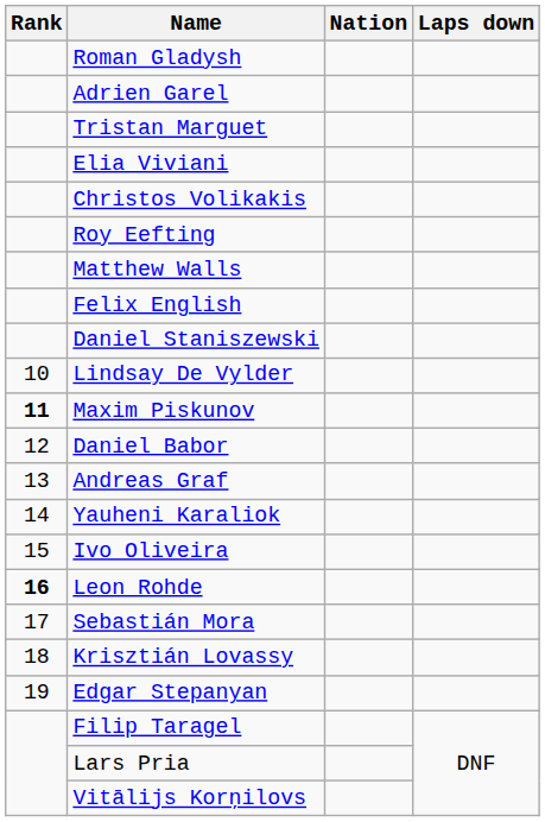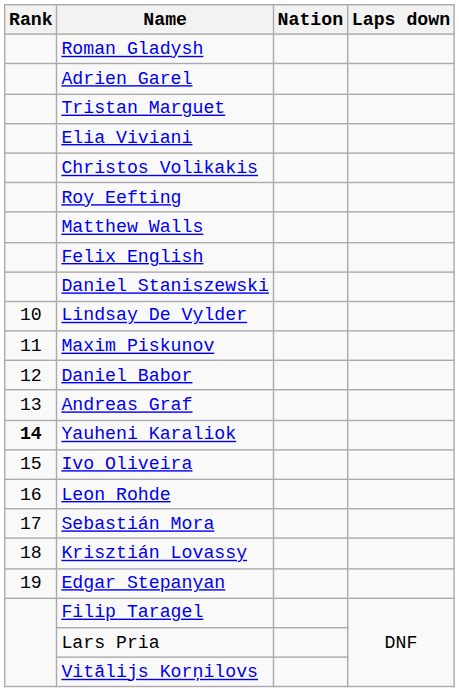 <table class="wikitable sortable" style="text-align:center">
 <tr>
 <th>Rank</th>
 <th>Name</th>
 <th>Nation</th>
 <th>Laps down</th>
 </tr>
 <tr>
 <td></td>
 <td align=left><a href='#'>Roman Gladysh</a></td>
 <td align=left></td>
 <td></td>
 </tr>
 <tr>
 <td></td>
 <td align=left><a href='#'>Adrien Garel</a></td>
 <td align=left></td>
 <td></td>
 </tr>
 <tr>
 <td></td>
 <td align=left><a href='#'>Tristan Marguet</a></td>
 <td align=left></td>
 <td></td>
 </tr>
 <tr>
 <td></td>
 <td align=left><a href='#'>Elia Viviani</a></td>
 <td align=left></td>
 <td></td>
 </tr>
 <tr>
 <td></td>
 <td align=left><a href='#'>Christos Volikakis</a></td>
 <td align=left></td>
 <td></td>
 </tr>
 <tr>
 <td></td>
 <td align=left><a href='#'>Roy Eefting</a></td>
 <td align=left></td>
 <td></td>
 </tr>
 <tr>
 <td></td>
 <td align=left><a href='#'>Matthew Walls</a></td>
 <td align=left></td>
 <td></td>
 </tr>
 <tr>
 <td></td>
 <td align=left><a href='#'>Felix English</a></td>
 <td align=left></td>
 <td></td>
 </tr>
 <tr>
 <td></td>
 <td align=left><a href='#'>Daniel Staniszewski</a></td>
 <td align=left></td>
 <td></td>
 </tr>
 <tr>
 <td>10</td>
 <td align=left><a href='#'>Lindsay De Vylder</a></td>
 <td align=left></td>
 <td></td>
 </tr>
 <tr>
-<td><strong>11</strong></td>
+<td>11</td>
 <td align=left><a href='#'>Maxim Piskunov</a></td>
 <td align=left></td>
 <td></td>
 </tr>
 <tr>
 <td>12</td>
 <td align=left><a href='#'>Daniel Babor</a></td>
 <td align=left></td>
 <td></td>
 </tr>
 <tr>
 <td>13</td>
 <td align=left><a href='#'>Andreas Graf</a></td>
 <td align=left></td>
 <td></td>
 </tr>
 <tr>
-<td>14</td>
+<td><strong>14</strong></td>
 <td align=left><a href='#'>Yauheni Karaliok</a></td>
 <td align=left></td>
 <td></td>
 </tr>
 <tr>
 <td>15</td>
 <td align=left><a href='#'>Ivo Oliveira</a></td>
 <td align=left></td>
 <td></td>
 </tr>
 <tr>
-<td><strong>16</strong></td>
+<td>16</td>
 <td align=left><a href='#'>Leon Rohde</a></td>
 <td align=left></td>
 <td></td>
 </tr>
 <tr>
 <td>17</td>
 <td align=left><a href='#'>Sebastián Mora</a></td>
 <td align=left></td>
 <td></td>
 </tr>
 <tr>
 <td>18</td>
 <td align=left><a href='#'>Krisztián Lovassy</a></td>
 <td align=left></td>
 <td></td>
 </tr>
 <tr>
 <td>19</td>
 <td align=left><a href='#'>Edgar Stepanyan</a></td>
 <td align=left></td>
 <td></td>
 </tr>
 <tr>
 <td rowspan=3></td>
 <td align=left><a href='#'>Filip Taragel</a></td>
 <td align=left></td>
 <td rowspan="3">DNF</td>
 </tr>
 <tr>
 <td align="left">Lars Pria</td>
 <td align="left"></td>
 </tr>
 <tr>
 <td align=left><a href='#'>Vitālijs Korņilovs</a></td>
 <td align=left></td>
 </tr>
 </table>
